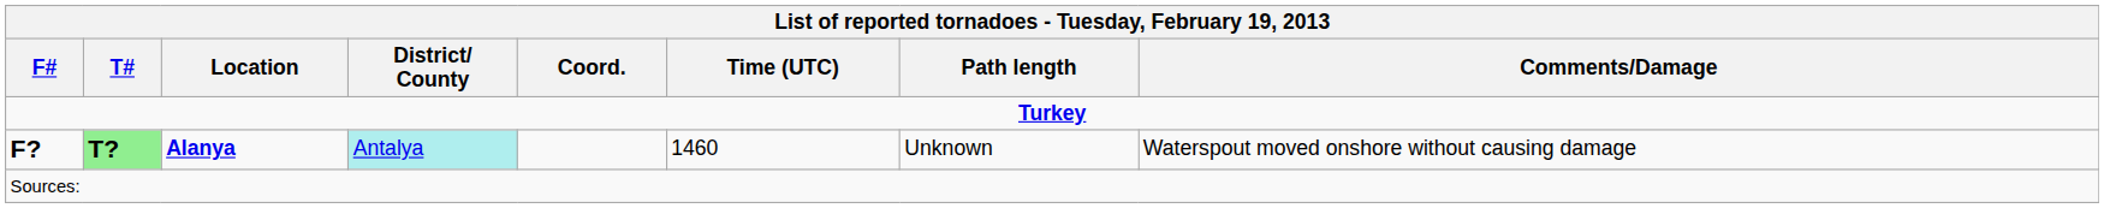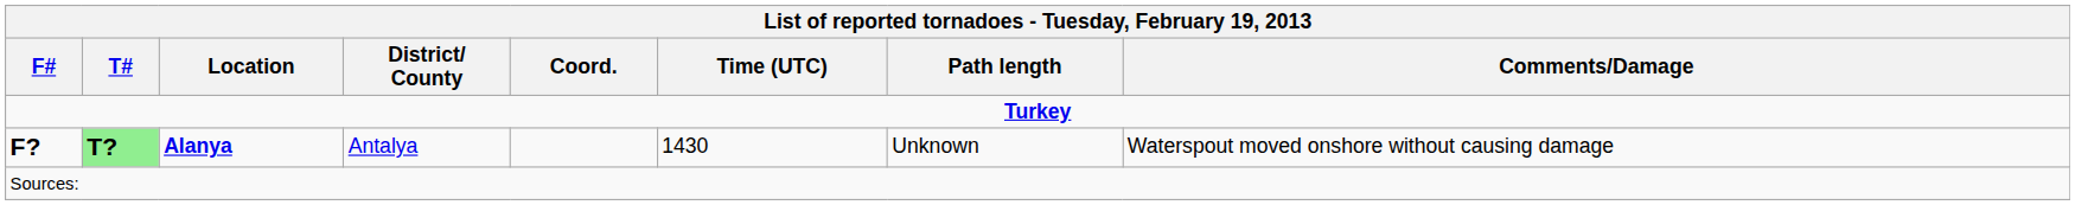 <table class="wikitable collapsible" width="100%">
 <tr>
 <th colspan="8">List of reported tornadoes - Tuesday, February 19, 2013</th>
 </tr>
 <tr>
 <th><a href='#'>F#</a></th>
 <th><a href='#'>T#</a></th>
 <th>Location</th>
 <th>District/<br>County</th>
 <th>Coord.</th>
 <th>Time (UTC)</th>
 <th>Path length</th>
 <th>Comments/Damage</th>
 </tr>
 <tr>
 <td colspan="8" align=center><strong><a href='#'>Turkey</a></strong></td>
 </tr>
 <tr>
 <td><big><strong>F?</strong></big></td>
 <td style="background: lightgreen;"><big><strong>T?</strong></big></td>
 <td><strong><a href='#'>Alanya</a></strong></td>
-<td style="background: paleturquoise;"><a href='#'>Antalya</a></td>
+<td><a href='#'>Antalya</a></td>
 <td></td>
-<td>1460</td>
+<td>1430</td>
 <td>Unknown</td>
 <td>Waterspout moved onshore without causing damage</td>
 </tr>
 <tr>
 <td colspan="8"><small>Sources:  </small></td>
 </tr>
 </table>
